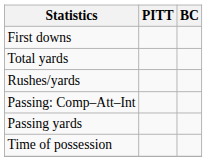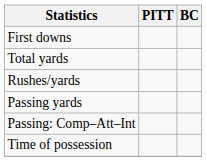 <table class="wikitable" style="float: left;">
 <tr>
 <th>Statistics</th>
 <th>PITT</th>
 <th>BC</th>
 </tr>
 <tr>
 <td>First downs</td>
 <td></td>
 <td></td>
 </tr>
 <tr>
 <td>Total yards</td>
 <td></td>
 <td></td>
 </tr>
 <tr>
 <td>Rushes/yards</td>
 <td></td>
 <td></td>
 </tr>
 <tr>
-<td>Passing: Comp–Att–Int</td>
+<td>Passing yards</td>
 <td></td>
 <td></td>
 </tr>
 <tr>
-<td>Passing yards</td>
+<td>Passing: Comp–Att–Int</td>
 <td></td>
 <td></td>
 </tr>
 <tr>
 <td>Time of possession</td>
 <td></td>
 <td></td>
 </tr>
 <tr>
 </tr>
 </table>
